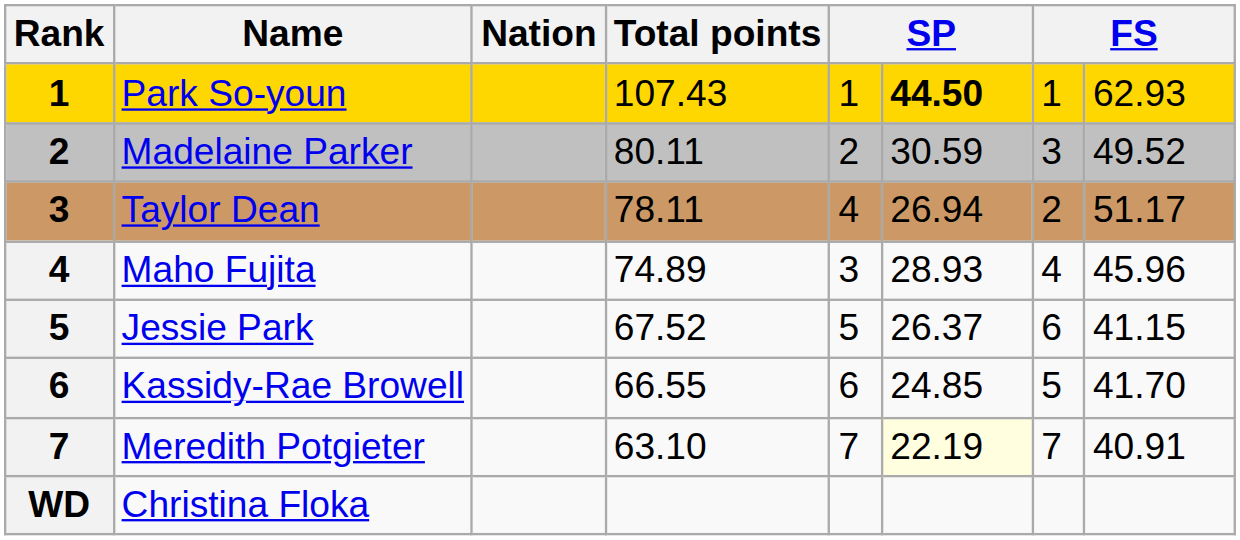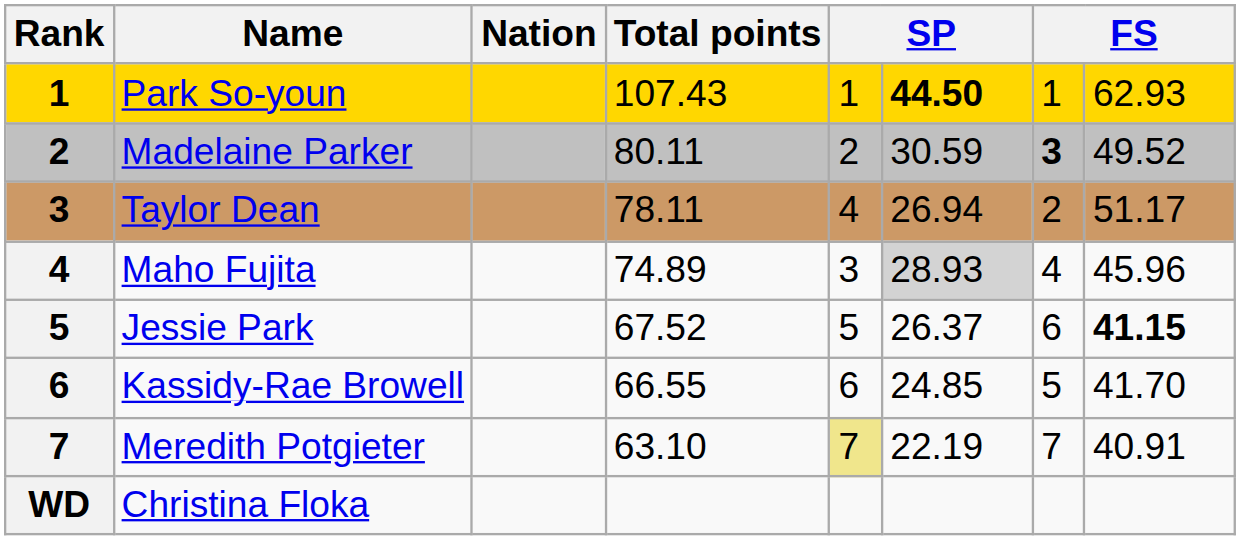 <table class="wikitable sortable">
 <tr>
 <th>Rank</th>
 <th>Name</th>
 <th>Nation</th>
 <th>Total points</th>
 <th colspan="2" width="80px"><a href='#'>SP</a></th>
 <th colspan="2" width="80px"><a href='#'>FS</a></th>
 </tr>
 <tr bgcolor="gold">
 <td align="center"><strong>1</strong></td>
 <td><a href='#'>Park So-youn</a></td>
 <td></td>
 <td>107.43</td>
 <td>1</td>
 <td><strong>44.50</strong></td>
 <td>1</td>
 <td>62.93</td>
 </tr>
 <tr bgcolor="silver">
 <td align="center"><strong>2</strong></td>
 <td><a href='#'>Madelaine Parker</a></td>
 <td></td>
 <td>80.11</td>
 <td>2</td>
 <td>30.59</td>
-<td>3</td>
+<td><strong>3</strong></td>
 <td>49.52</td>
 </tr>
 <tr bgcolor="cc9966">
 <td align="center"><strong>3</strong></td>
 <td><a href='#'>Taylor Dean</a></td>
 <td></td>
 <td>78.11</td>
 <td>4</td>
 <td>26.94</td>
 <td>2</td>
 <td>51.17</td>
 </tr>
 <tr>
 <th>4</th>
 <td><a href='#'>Maho Fujita</a></td>
 <td></td>
 <td>74.89</td>
 <td>3</td>
-<td>28.93</td>
+<td style="background: lightgrey;">28.93</td>
 <td>4</td>
 <td>45.96</td>
 </tr>
 <tr>
 <th>5</th>
 <td><a href='#'>Jessie Park</a></td>
 <td></td>
 <td>67.52</td>
 <td>5</td>
 <td>26.37</td>
 <td>6</td>
-<td>41.15</td>
+<td><strong>41.15</strong></td>
 </tr>
 <tr>
 <th>6</th>
 <td><a href='#'>Kassidy-Rae Browell</a></td>
 <td></td>
 <td>66.55</td>
 <td>6</td>
 <td>24.85</td>
 <td>5</td>
 <td>41.70</td>
 </tr>
 <tr>
 <th>7</th>
 <td><a href='#'>Meredith Potgieter</a></td>
 <td></td>
 <td>63.10</td>
-<td>7</td>
-<td style="background: lightyellow;">22.19</td>
+<td style="background: khaki;">7</td>
+<td>22.19</td>
 <td>7</td>
 <td>40.91</td>
 </tr>
 <tr>
 <th>WD</th>
 <td><a href='#'>Christina Floka</a></td>
 <td></td>
 <td></td>
 <td></td>
 <td></td>
 <td></td>
 <td></td>
 </tr>
 </table>
